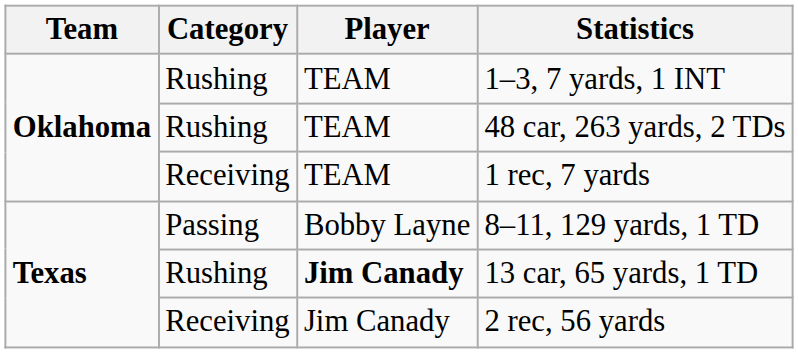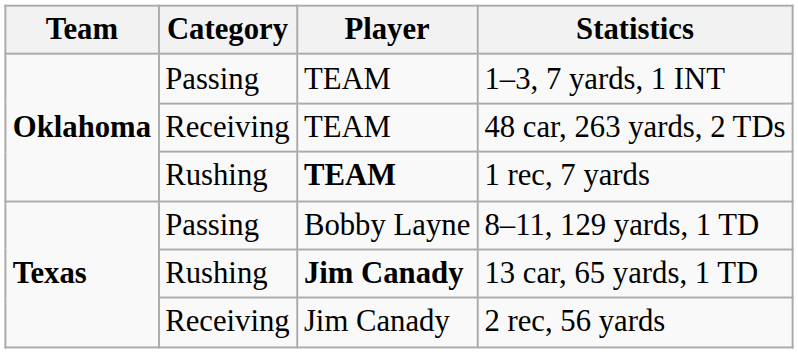 <table class="wikitable" style="float: right;">
 <tr>
 <th>Team</th>
 <th>Category</th>
 <th>Player</th>
 <th>Statistics</th>
 </tr>
 <tr>
 <td rowspan=3><strong>Oklahoma</strong></td>
-<td>Rushing</td>
+<td>Passing</td>
 <td>TEAM</td>
 <td>1–3, 7 yards, 1 INT</td>
 </tr>
 <tr>
-<td>Rushing</td>
+<td>Receiving</td>
 <td>TEAM</td>
 <td>48 car, 263 yards, 2 TDs</td>
 </tr>
 <tr>
-<td>Receiving</td>
-<td>TEAM</td>
+<td>Rushing</td>
+<td><strong>TEAM</strong></td>
 <td>1 rec, 7 yards</td>
 </tr>
 <tr>
 <td rowspan=3><strong>Texas</strong></td>
 <td>Passing</td>
 <td>Bobby Layne</td>
 <td>8–11, 129 yards, 1 TD</td>
 </tr>
 <tr>
 <td>Rushing</td>
 <td><strong>Jim Canady</strong></td>
 <td>13 car, 65 yards, 1 TD</td>
 </tr>
 <tr>
 <td>Receiving</td>
 <td>Jim Canady</td>
 <td>2 rec, 56 yards</td>
 </tr>
 </table>
